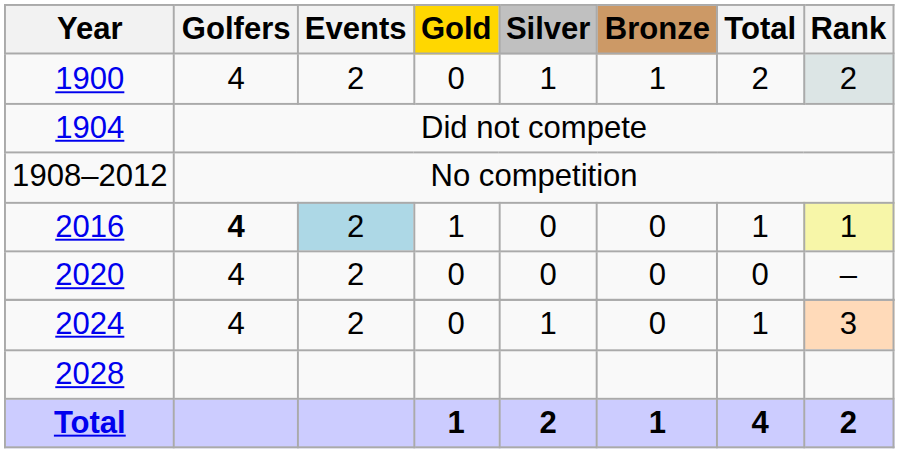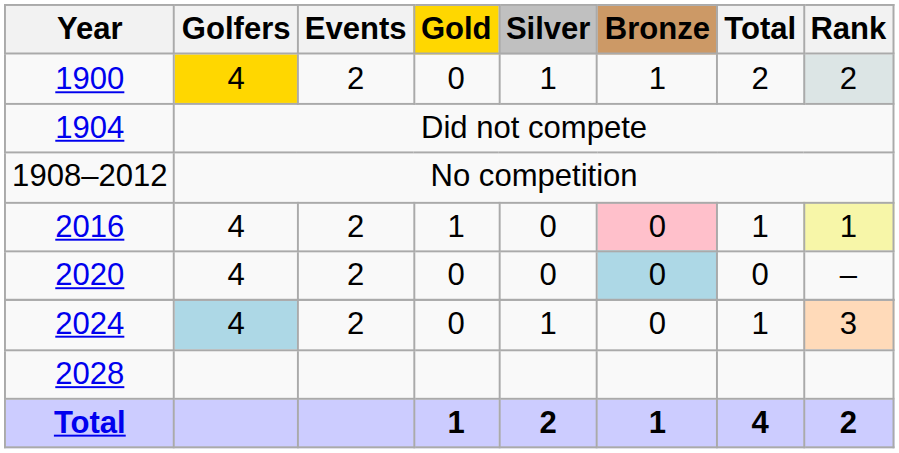 <table class="wikitable sortable collapsible collapsed">
 <tr>
 <th>Year</th>
 <th>Golfers</th>
 <th>Events</th>
 <th style="text-align:center; background-color:gold;"><strong>Gold</strong></th>
 <th style="text-align:center; background-color:silver;"><strong>Silver</strong></th>
 <th style="text-align:center; background-color:#c96;"><strong>Bronze</strong></th>
 <th>Total</th>
 <th>Rank</th>
 </tr>
 <tr style="text-align:center">
 <td><a href='#'>1900</a></td>
-<td>4</td>
+<td style="background: gold;">4</td>
 <td>2</td>
 <td>0</td>
 <td>1</td>
 <td>1</td>
 <td>2</td>
 <td style="background-color:#dce5e5">2</td>
 </tr>
 <tr style="text-align:center">
 <td><a href='#'>1904</a></td>
 <td colspan=7>Did not compete</td>
 </tr>
 <tr style="text-align:center">
 <td>1908–2012</td>
 <td colspan=7>No competition</td>
 </tr>
 <tr style="text-align:center">
 <td><a href='#'>2016</a></td>
-<td><strong>4</strong></td>
-<td style="background: lightblue;">2</td>
+<td>4</td>
+<td>2</td>
 <td>1</td>
 <td>0</td>
-<td>0</td>
+<td style="background: pink;">0</td>
 <td>1</td>
 <td style="background-color:#F7F6A8">1</td>
 </tr>
 <tr style="text-align:center">
 <td><a href='#'>2020</a></td>
 <td>4</td>
 <td>2</td>
 <td>0</td>
 <td>0</td>
-<td>0</td>
+<td style="background: lightblue;">0</td>
 <td>0</td>
 <td>–</td>
 </tr>
 <tr style="text-align:center; background-color:#ccf;">
 </tr>
 <tr style="text-align:center">
 <td><a href='#'>2024</a></td>
-<td>4</td>
+<td style="background: lightblue;">4</td>
 <td>2</td>
 <td>0</td>
 <td>1</td>
 <td>0</td>
 <td>1</td>
 <td style="background-color:#ffdab9">3</td>
 </tr>
 <tr style="text-align:center">
 <td><a href='#'>2028</a></td>
 <td></td>
 <td></td>
 <td></td>
 <td></td>
 <td></td>
 <td></td>
 <td></td>
 </tr>
 <tr style="text-align:center; background-color:#ccf;">
 <td><strong><a href='#'>Total</a></strong></td>
 <td></td>
 <td></td>
 <td><strong>1</strong></td>
 <td><strong>2</strong></td>
 <td><strong>1</strong></td>
 <td><strong>4</strong></td>
 <td><strong>2</strong></td>
 </tr>
 </table>
